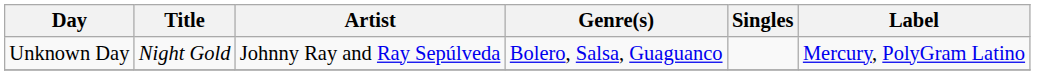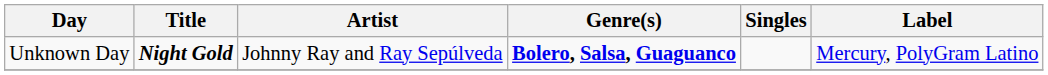 <table class="wikitable sortable" style="text-align: left;">
 <tr>
 <th>Day</th>
 <th>Title</th>
 <th>Artist</th>
 <th>Genre(s)</th>
 <th>Singles</th>
 <th>Label</th>
 </tr>
 <tr>
 <td>Unknown Day</td>
-<td><em>Night Gold</em></td>
+<td><strong><em>Night Gold</em></strong></td>
 <td>Johnny Ray and <a href='#'>Ray Sepúlveda</a></td>
-<td><a href='#'>Bolero</a>, <a href='#'>Salsa</a>, <a href='#'>Guaguanco</a></td>
+<td><strong><a href='#'>Bolero</a>, <a href='#'>Salsa</a>, <a href='#'>Guaguanco</a></strong></td>
 <td></td>
 <td><a href='#'>Mercury</a>, <a href='#'>PolyGram Latino</a></td>
 </tr>
 <tr>
 </tr>
 </table>
